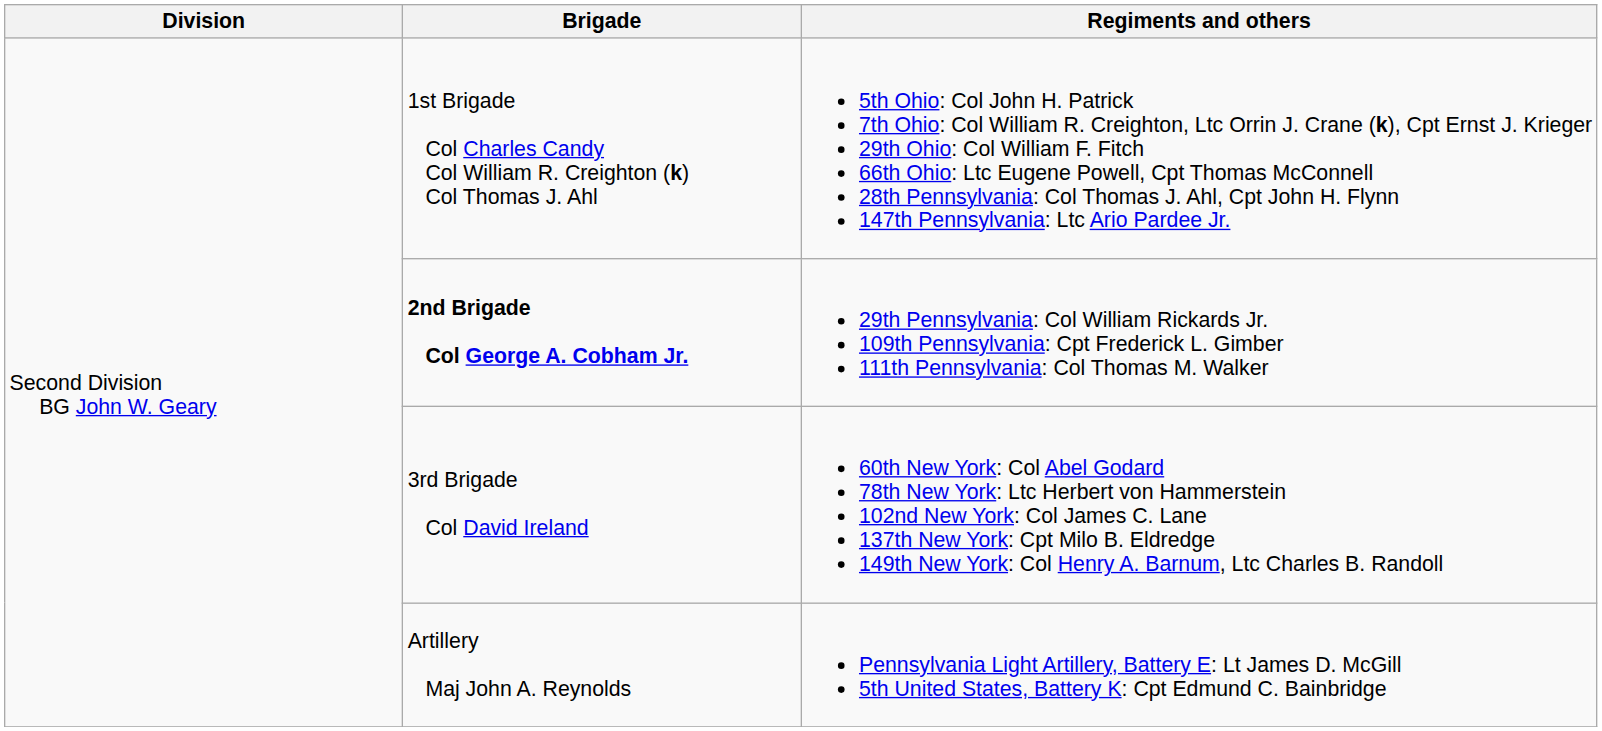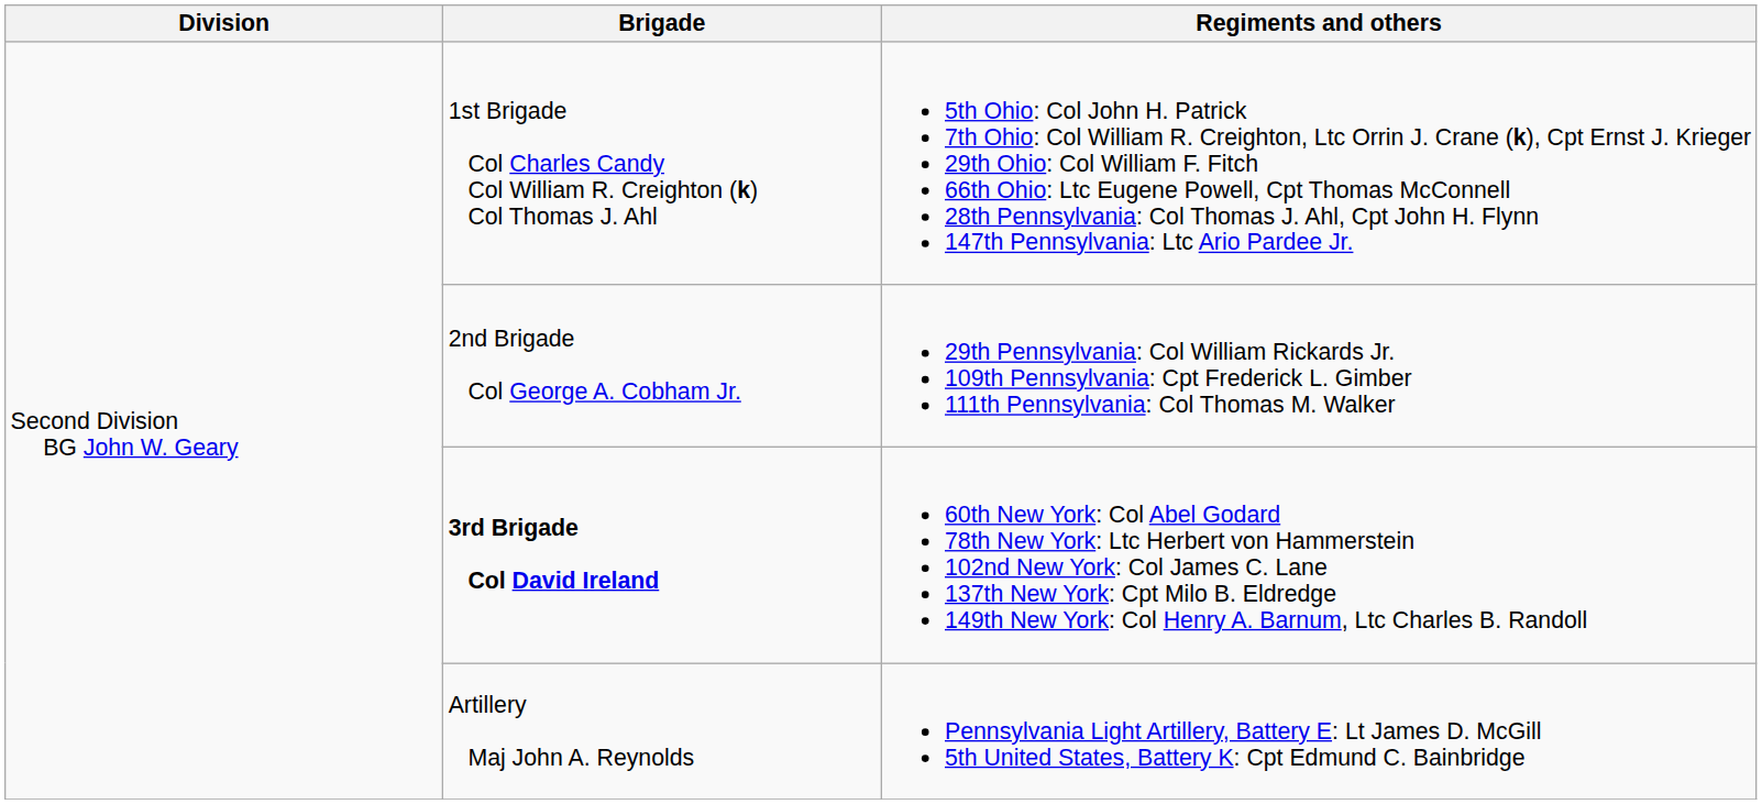 <table class="wikitable">
 <tr>
 <th width=25%>Division</th>
 <th width=25%>Brigade</th>
 <th>Regiments and others</th>
 </tr>
 <tr>
 <td rowspan=4><br>Second Division <br>     BG <a href='#'>John W. Geary</a></td>
 <td>1st Brigade<br><br>   Col <a href='#'>Charles Candy</a> <br>   Col William R. Creighton (<strong>k</strong>) <br>   Col Thomas J. Ahl</td>
 <td><br><ul><li><a href='#'>5th Ohio</a>: Col John H. Patrick</li><li><a href='#'>7th Ohio</a>: Col William R. Creighton, Ltc Orrin J. Crane (<strong>k</strong>), Cpt Ernst J. Krieger</li><li><a href='#'>29th Ohio</a>: Col William F. Fitch</li><li><a href='#'>66th Ohio</a>: Ltc Eugene Powell, Cpt Thomas McConnell</li><li><a href='#'>28th Pennsylvania</a>: Col Thomas J. Ahl, Cpt John H. Flynn</li><li><a href='#'>147th Pennsylvania</a>: Ltc <a href='#'>Ario Pardee Jr.</a></li></ul></td>
 </tr>
 <tr>
-<td><strong>2nd Brigade<br><br>   Col <a href='#'>George A. Cobham Jr.</a></strong></td>
+<td>2nd Brigade<br><br>   Col <a href='#'>George A. Cobham Jr.</a></td>
 <td><br><ul><li><a href='#'>29th Pennsylvania</a>: Col William Rickards Jr.</li><li><a href='#'>109th Pennsylvania</a>: Cpt Frederick L. Gimber</li><li><a href='#'>111th Pennsylvania</a>: Col Thomas M. Walker</li></ul></td>
 </tr>
 <tr>
-<td>3rd Brigade<br><br>   Col <a href='#'>David Ireland</a></td>
+<td><strong>3rd Brigade<br><br>   Col <a href='#'>David Ireland</a></strong></td>
 <td><br><ul><li><a href='#'>60th New York</a>: Col <a href='#'>Abel Godard</a></li><li><a href='#'>78th New York</a>: Ltc Herbert von Hammerstein</li><li><a href='#'>102nd New York</a>: Col James C. Lane</li><li><a href='#'>137th New York</a>: Cpt Milo B. Eldredge</li><li><a href='#'>149th New York</a>: Col <a href='#'>Henry A. Barnum</a>, Ltc Charles B. Randoll</li></ul></td>
 </tr>
 <tr>
 <td>Artillery<br><br>   Maj John A. Reynolds</td>
 <td><br><ul><li><a href='#'>Pennsylvania Light Artillery, Battery E</a>: Lt James D. McGill</li><li><a href='#'>5th United States, Battery K</a>: Cpt Edmund C. Bainbridge</li></ul></td>
 </tr>
 </table>
